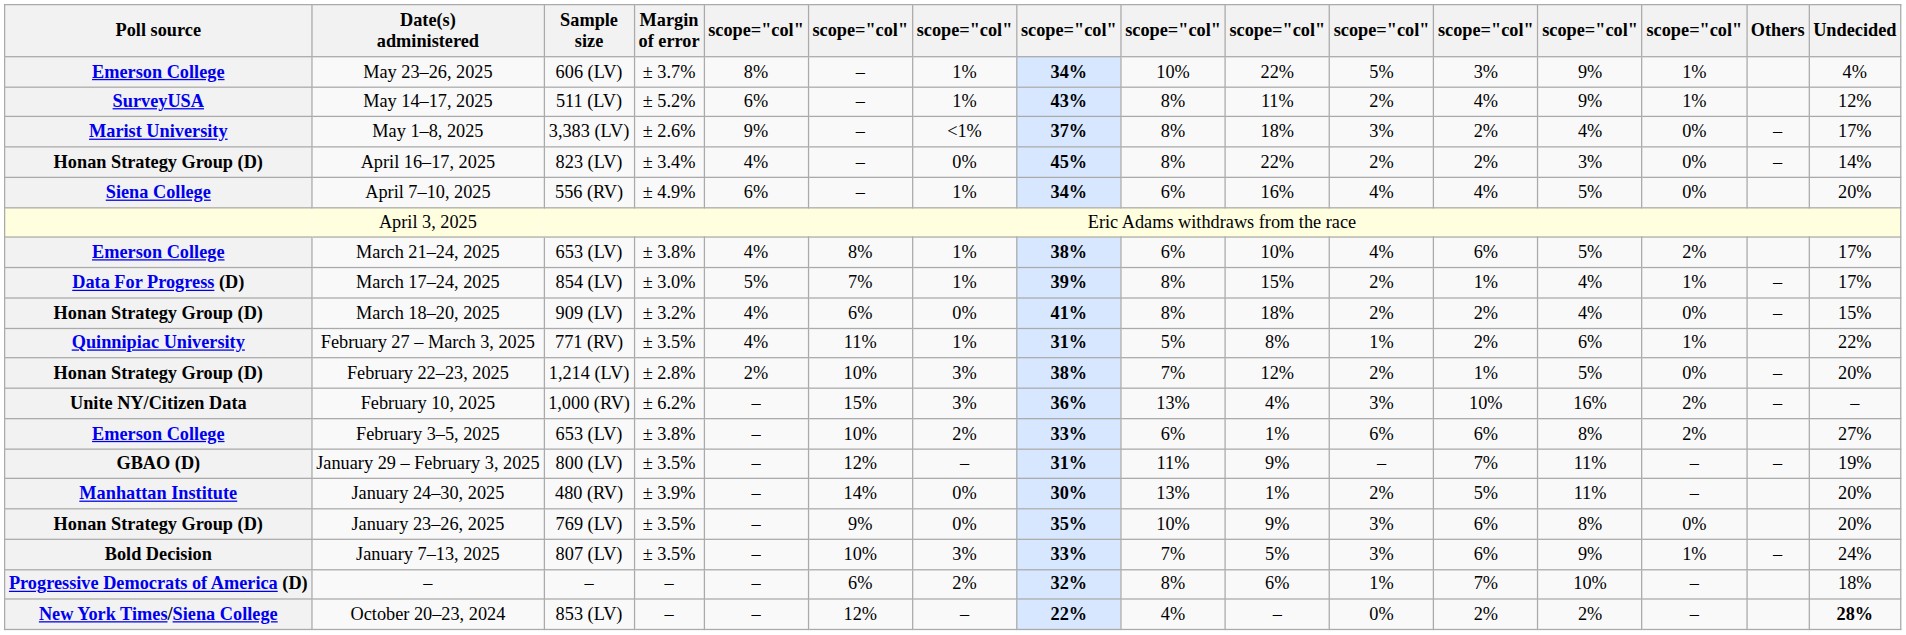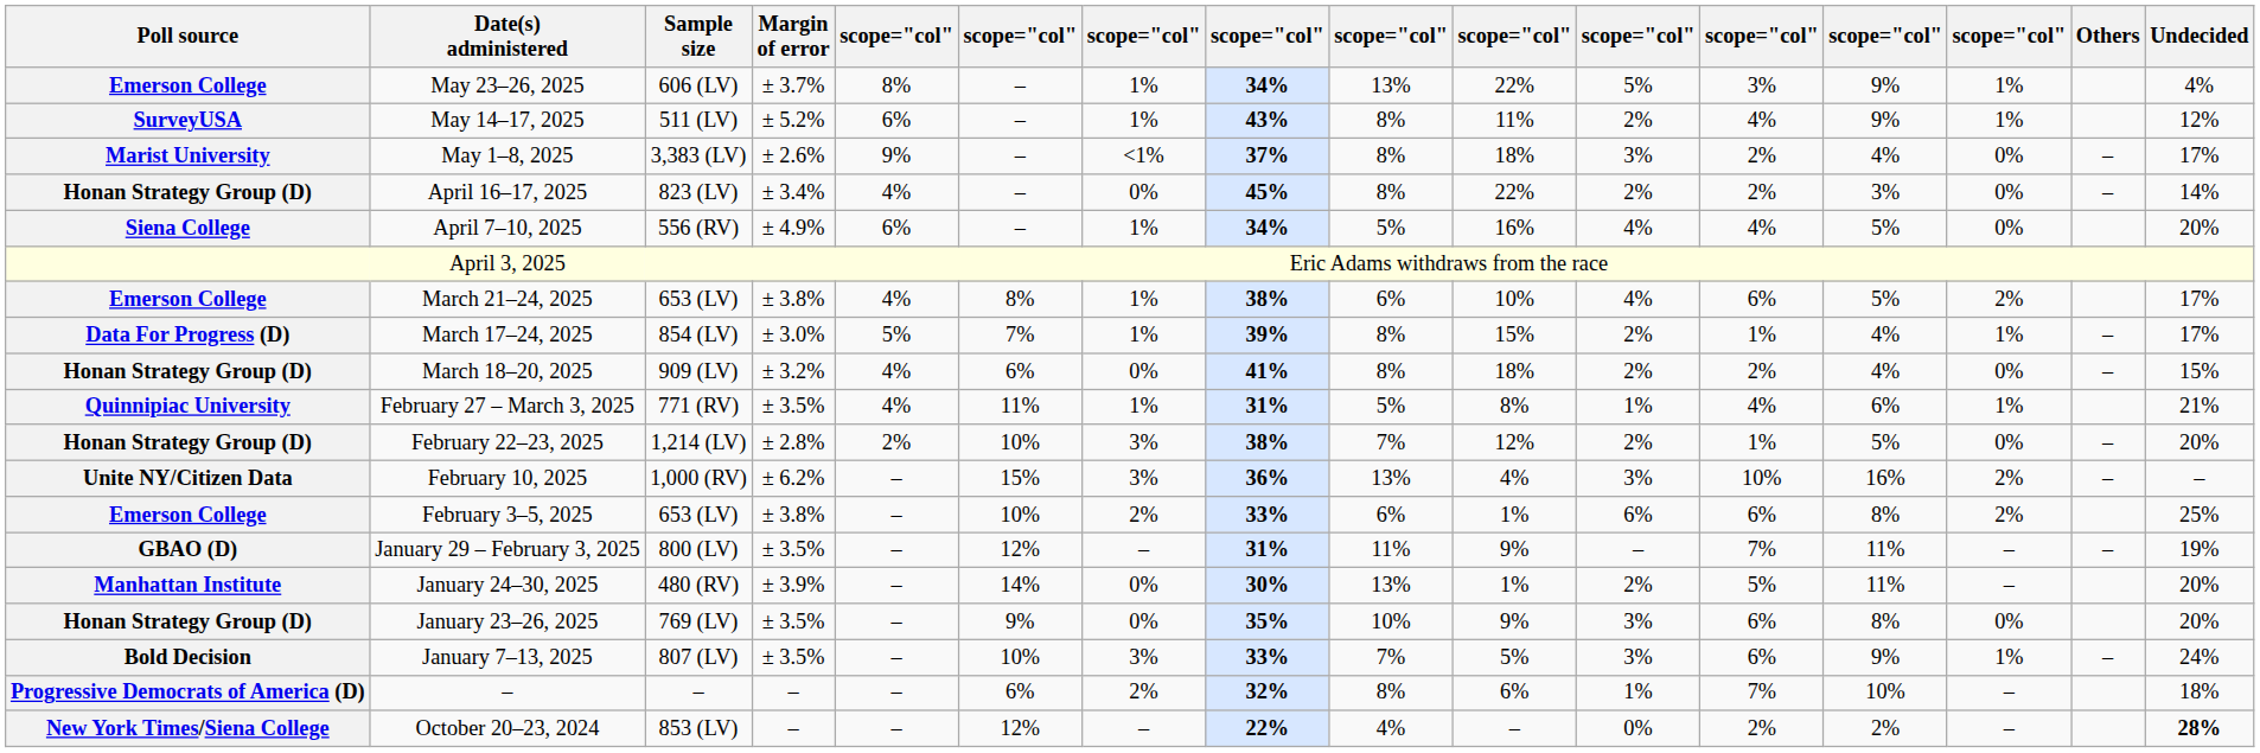 <table class="wikitable plainrowheaders mw-collapsible mw-collapsed sticky-header" style="text-align:center; font-size:90%;">
 <tr>
 <th scope="col">Poll source</th>
 <th scope="col">Date(s)<br>administered</th>
 <th scope="col">Sample<br>size</th>
 <th scope="col">Margin<br>of error</th>
 <th>scope="col" </th>
 <th>scope="col" </th>
 <th>scope="col" </th>
 <th>scope="col" </th>
 <th>scope="col" </th>
 <th>scope="col" </th>
 <th>scope="col" </th>
 <th>scope="col" </th>
 <th>scope="col" </th>
 <th>scope="col" </th>
 <th scope="col">Others</th>
 <th scope="col">Undecided</th>
 </tr>
 <tr>
 <th scope="row"><a href='#'>Emerson College</a></th>
 <td>May 23–26, 2025</td>
 <td>606 (LV)</td>
 <td>± 3.7%</td>
 <td>8%</td>
 <td>–</td>
 <td>1%</td>
 <td style="background:#d7e7ff"><strong>34%</strong></td>
-<td>10%</td>
+<td>13%</td>
 <td>22%</td>
 <td>5%</td>
 <td>3%</td>
 <td>9%</td>
 <td>1%</td>
 <td></td>
 <td>4%</td>
 </tr>
 <tr>
 <th scope="row"><a href='#'>SurveyUSA</a></th>
 <td>May 14–17, 2025</td>
 <td>511 (LV)</td>
 <td>± 5.2%</td>
 <td>6%</td>
 <td>–</td>
 <td>1%</td>
 <td style="background:#d7e7ff"><strong>43%</strong></td>
 <td>8%</td>
 <td>11%</td>
 <td>2%</td>
 <td>4%</td>
 <td>9%</td>
 <td>1%</td>
 <td></td>
 <td>12%</td>
 </tr>
 <tr>
 <th scope="row"><a href='#'>Marist University</a></th>
 <td>May 1–8, 2025</td>
 <td>3,383 (LV)</td>
 <td>± 2.6%</td>
 <td>9%</td>
 <td>–</td>
 <td><1%</td>
 <td style="background:#d7e7ff"><strong>37%</strong></td>
 <td>8%</td>
 <td>18%</td>
 <td>3%</td>
 <td>2%</td>
 <td>4%</td>
 <td>0%</td>
 <td>–</td>
 <td>17%</td>
 </tr>
 <tr>
 <th scope="row">Honan Strategy Group (D)</th>
 <td>April 16–17, 2025</td>
 <td>823 (LV)</td>
 <td>± 3.4%</td>
 <td>4%</td>
 <td>–</td>
 <td>0%</td>
 <td style="background:#d7e7ff"><strong>45%</strong></td>
 <td>8%</td>
 <td>22%</td>
 <td>2%</td>
 <td>2%</td>
 <td>3%</td>
 <td>0%</td>
 <td>–</td>
 <td>14%</td>
 </tr>
 <tr>
 <th scope="row"><a href='#'>Siena College</a></th>
 <td>April 7–10, 2025</td>
 <td>556 (RV)</td>
 <td>± 4.9%</td>
 <td>6%</td>
 <td>–</td>
 <td>1%</td>
 <td style="background:#d7e7ff"><strong>34%</strong></td>
-<td>6%</td>
+<td>5%</td>
 <td>16%</td>
 <td>4%</td>
 <td>4%</td>
 <td>5%</td>
 <td>0%</td>
 <td></td>
 <td>20%</td>
 </tr>
 <tr style="background:lightyellow;">
 <td style="border-right-style:hidden; background:lightyellow;"></td>
 <td style="border-right-style:hidden; ">April 3, 2025</td>
 <td colspan="17">Eric Adams withdraws from the race</td>
 </tr>
 <tr>
 <th scope="row"><a href='#'>Emerson College</a></th>
 <td>March 21–24, 2025</td>
 <td>653 (LV)</td>
 <td>± 3.8%</td>
 <td>4%</td>
 <td>8%</td>
 <td>1%</td>
 <td style="background:#d7e7ff"><strong>38%</strong></td>
 <td>6%</td>
 <td>10%</td>
 <td>4%</td>
 <td>6%</td>
 <td>5%</td>
 <td>2%</td>
 <td></td>
 <td>17%</td>
 </tr>
 <tr>
 <th scope="row"><a href='#'>Data For Progress</a> (D)</th>
 <td>March 17–24, 2025</td>
 <td>854 (LV)</td>
 <td>± 3.0%</td>
 <td>5%</td>
 <td>7%</td>
 <td>1%</td>
 <td style="background:#d7e7ff"><strong>39%</strong></td>
 <td>8%</td>
 <td>15%</td>
 <td>2%</td>
 <td>1%</td>
 <td>4%</td>
 <td>1%</td>
 <td>–</td>
 <td>17%</td>
 </tr>
 <tr>
 <th scope="row">Honan Strategy Group (D)</th>
 <td>March 18–20, 2025</td>
 <td>909 (LV)</td>
 <td>± 3.2%</td>
 <td>4%</td>
 <td>6%</td>
 <td>0%</td>
 <td style="background:#d7e7ff"><strong>41%</strong></td>
 <td>8%</td>
 <td>18%</td>
 <td>2%</td>
 <td>2%</td>
 <td>4%</td>
 <td>0%</td>
 <td>–</td>
 <td>15%</td>
 </tr>
 <tr>
 <th scope="row"><a href='#'>Quinnipiac University</a></th>
 <td>February 27 – March 3, 2025</td>
 <td>771 (RV)</td>
 <td>± 3.5%</td>
 <td>4%</td>
 <td>11%</td>
 <td>1%</td>
 <td style="background:#d7e7ff"><strong>31%</strong></td>
 <td>5%</td>
 <td>8%</td>
 <td>1%</td>
-<td>2%</td>
+<td>4%</td>
 <td>6%</td>
 <td>1%</td>
 <td></td>
-<td>22%</td>
+<td>21%</td>
 </tr>
 <tr>
 <th scope="row">Honan Strategy Group (D)</th>
 <td>February 22–23, 2025</td>
 <td>1,214 (LV)</td>
 <td>± 2.8%</td>
 <td>2%</td>
 <td>10%</td>
 <td>3%</td>
 <td style="background:#d7e7ff"><strong>38%</strong></td>
 <td>7%</td>
 <td>12%</td>
 <td>2%</td>
 <td>1%</td>
 <td>5%</td>
 <td>0%</td>
 <td>–</td>
 <td>20%</td>
 </tr>
 <tr>
 <th scope="row">Unite NY/Citizen Data</th>
 <td>February 10, 2025</td>
 <td>1,000 (RV)</td>
 <td>± 6.2%</td>
 <td>–</td>
 <td>15%</td>
 <td>3%</td>
 <td style="background:#d7e7ff"><strong>36%</strong></td>
 <td>13%</td>
 <td>4%</td>
 <td>3%</td>
 <td>10%</td>
 <td>16%</td>
 <td>2%</td>
 <td>–</td>
 <td>–</td>
 </tr>
 <tr>
 <th scope="row"><a href='#'>Emerson College</a></th>
 <td>February 3–5, 2025</td>
 <td>653 (LV)</td>
 <td>± 3.8%</td>
 <td>–</td>
 <td>10%</td>
 <td>2%</td>
 <td style="background:#d7e7ff"><strong>33%</strong></td>
 <td>6%</td>
 <td>1%</td>
 <td>6%</td>
 <td>6%</td>
 <td>8%</td>
 <td>2%</td>
 <td></td>
-<td>27%</td>
+<td>25%</td>
 </tr>
 <tr>
 <th scope="row">GBAO (D)</th>
 <td>January 29 – February 3, 2025</td>
 <td>800 (LV)</td>
 <td>± 3.5%</td>
 <td>–</td>
 <td>12%</td>
 <td>–</td>
 <td style="background:#d7e7ff"><strong>31%</strong></td>
 <td>11%</td>
 <td>9%</td>
 <td>–</td>
 <td>7%</td>
 <td>11%</td>
 <td>–</td>
 <td>–</td>
 <td>19%</td>
 </tr>
 <tr>
 <th scope="row"><a href='#'>Manhattan Institute</a></th>
 <td>January 24–30, 2025</td>
 <td>480 (RV)</td>
 <td>± 3.9%</td>
 <td>–</td>
 <td>14%</td>
 <td>0%</td>
 <td style="background:#d7e7ff"><strong>30%</strong></td>
 <td>13%</td>
 <td>1%</td>
 <td>2%</td>
 <td>5%</td>
 <td>11%</td>
 <td>–</td>
 <td></td>
 <td>20%</td>
 </tr>
 <tr>
 <th scope="row">Honan Strategy Group (D)</th>
 <td>January 23–26, 2025</td>
 <td>769 (LV)</td>
 <td>± 3.5%</td>
 <td>–</td>
 <td>9%</td>
 <td>0%</td>
 <td style="background:#d7e7ff"><strong>35%</strong></td>
 <td>10%</td>
 <td>9%</td>
 <td>3%</td>
 <td>6%</td>
 <td>8%</td>
 <td>0%</td>
 <td></td>
 <td>20%</td>
 </tr>
 <tr>
 <th scope="row">Bold Decision</th>
 <td>January 7–13, 2025</td>
 <td>807 (LV)</td>
 <td>± 3.5%</td>
 <td>–</td>
 <td>10%</td>
 <td>3%</td>
 <td style="background:#d7e7ff"><strong>33%</strong></td>
 <td>7%</td>
 <td>5%</td>
 <td>3%</td>
 <td>6%</td>
 <td>9%</td>
 <td>1%</td>
 <td>–</td>
 <td>24%</td>
 </tr>
 <tr>
 <th scope="row"><a href='#'>Progressive Democrats of America</a> (D)</th>
 <td>–</td>
 <td>–</td>
 <td>–</td>
 <td>–</td>
 <td>6%</td>
 <td>2%</td>
 <td style="background:#d7e7ff"><strong>32%</strong></td>
 <td>8%</td>
 <td>6%</td>
 <td>1%</td>
 <td>7%</td>
 <td>10%</td>
 <td>–</td>
 <td></td>
 <td>18%</td>
 </tr>
 <tr>
 <th scope="row"><a href='#'>New York Times</a>/<a href='#'>Siena College</a></th>
 <td>October 20–23, 2024</td>
 <td>853 (LV)</td>
 <td>–</td>
 <td>–</td>
 <td>12%</td>
 <td>–</td>
 <td style="background:#d7e7ff"><strong>22%</strong></td>
 <td>4%</td>
 <td>–</td>
 <td>0%</td>
 <td>2%</td>
 <td>2%</td>
 <td>–</td>
 <td></td>
 <td><strong>28%</strong></td>
 </tr>
 </table>
